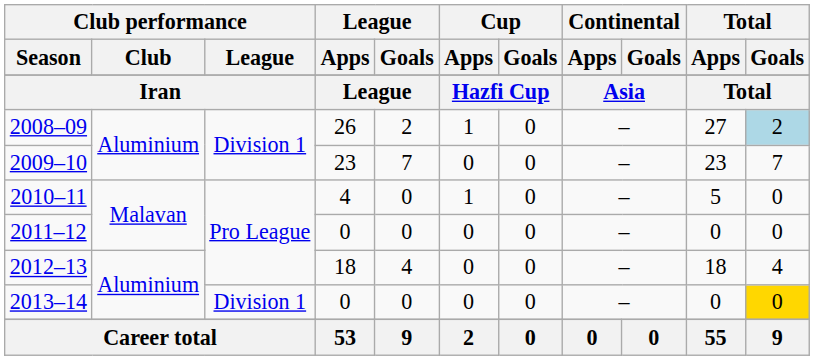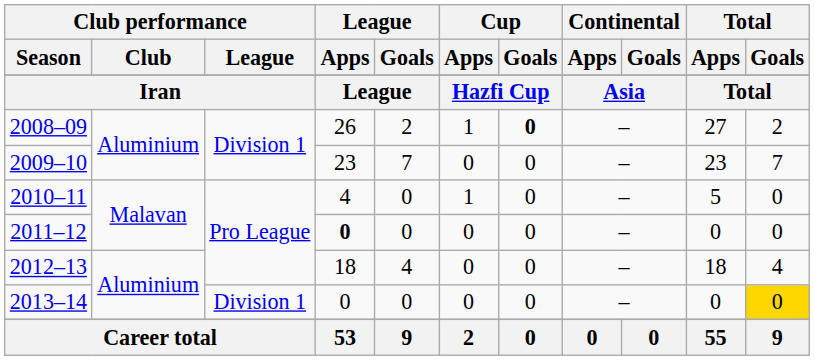 <table class="wikitable" style="text-align:center">
 <tr>
 <th colspan=3>Club performance</th>
 <th colspan=2>League</th>
 <th colspan=2>Cup</th>
 <th colspan=2>Continental</th>
 <th colspan=2>Total</th>
 </tr>
 <tr>
 <th>Season</th>
 <th>Club</th>
 <th>League</th>
 <th>Apps</th>
 <th>Goals</th>
 <th>Apps</th>
 <th>Goals</th>
 <th>Apps</th>
 <th>Goals</th>
 <th>Apps</th>
 <th>Goals</th>
 </tr>
 <tr>
 </tr>
 <tr>
 <th colspan=3>Iran</th>
 <th colspan=2>League</th>
 <th colspan=2><a href='#'>Hazfi Cup</a></th>
 <th colspan=2><a href='#'>Asia</a></th>
 <th colspan=2>Total</th>
 </tr>
 <tr>
 <td><a href='#'>2008–09</a></td>
 <td rowspan="2"><a href='#'>Aluminium</a></td>
 <td rowspan="2"><a href='#'>Division 1</a></td>
 <td>26</td>
 <td>2</td>
 <td>1</td>
-<td>0</td>
+<td><strong>0</strong></td>
 <td colspan="2">–</td>
 <td>27</td>
-<td style="background: lightblue;">2</td>
+<td>2</td>
 </tr>
 <tr>
 <td><a href='#'>2009–10</a></td>
 <td>23</td>
 <td>7</td>
 <td>0</td>
 <td>0</td>
 <td colspan="2">–</td>
 <td>23</td>
 <td>7</td>
 </tr>
 <tr>
 <td><a href='#'>2010–11</a></td>
 <td rowspan="2"><a href='#'>Malavan</a></td>
 <td rowspan="3"><a href='#'>Pro League</a></td>
 <td>4</td>
 <td>0</td>
 <td>1</td>
 <td>0</td>
 <td colspan="2">–</td>
 <td>5</td>
 <td>0</td>
 </tr>
 <tr>
 <td><a href='#'>2011–12</a></td>
-<td>0</td>
+<td><strong>0</strong></td>
 <td>0</td>
 <td>0</td>
 <td>0</td>
 <td colspan="2">–</td>
 <td>0</td>
 <td>0</td>
 </tr>
 <tr>
 <td><a href='#'>2012–13</a></td>
 <td rowspan="2"><a href='#'>Aluminium</a></td>
 <td>18</td>
 <td>4</td>
 <td>0</td>
 <td>0</td>
 <td colspan="2">–</td>
 <td>18</td>
 <td>4</td>
 </tr>
 <tr>
 <td><a href='#'>2013–14</a></td>
 <td rowspan="1"><a href='#'>Division 1</a></td>
 <td>0</td>
 <td>0</td>
 <td>0</td>
 <td>0</td>
 <td colspan="2">–</td>
 <td>0</td>
 <td style="background: gold;">0</td>
 </tr>
 <tr>
 </tr>
 <tr>
 <th colspan=3>Career total</th>
 <th>53</th>
 <th>9</th>
 <th>2</th>
 <th>0</th>
 <th>0</th>
 <th>0</th>
 <th>55</th>
 <th>9</th>
 </tr>
 </table>
